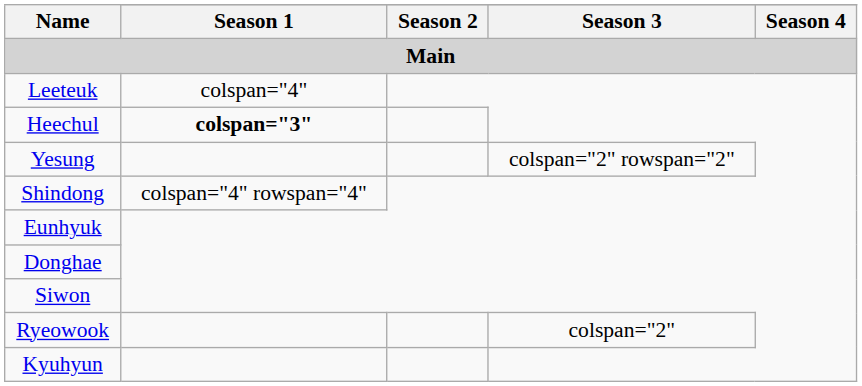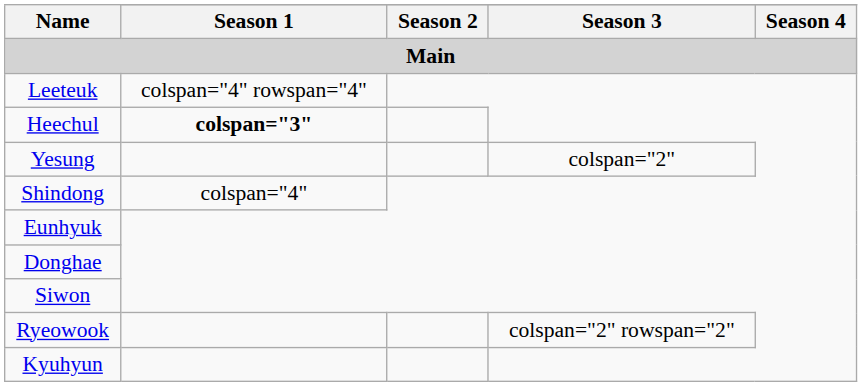 <table class="wikitable" style="text-align:center; width:50%">
 <tr>
 <th scope="col" rowspan="2">Name</th>
 </tr>
 <tr>
 <th scope="col">Season 1</th>
 <th scope="col">Season 2</th>
 <th scope="col">Season 3</th>
 <th scope="col">Season 4</th>
 </tr>
 <tr>
 <th scope="col" colspan="5" style="background:lightgray">Main</th>
 </tr>
 <tr>
 <td><a href='#'>Leeteuk</a></td>
-<td>colspan="4" </td>
+<td>colspan="4" rowspan="4" </td>
 </tr>
 <tr>
 <td><a href='#'>Heechul</a></td>
 <td><strong>colspan="3" </strong></td>
 <td></td>
 </tr>
 <tr>
 <td><a href='#'>Yesung</a></td>
 <td></td>
 <td></td>
-<td>colspan="2" rowspan="2" </td>
+<td>colspan="2" </td>
 </tr>
 <tr>
 <td><a href='#'>Shindong</a></td>
-<td>colspan="4" rowspan="4" </td>
+<td>colspan="4" </td>
 </tr>
 <tr>
 <td><a href='#'>Eunhyuk</a></td>
 </tr>
 <tr>
 <td><a href='#'>Donghae</a></td>
 </tr>
 <tr>
 <td><a href='#'>Siwon</a></td>
 </tr>
 <tr>
 <td><a href='#'>Ryeowook</a></td>
 <td></td>
 <td></td>
-<td>colspan="2" </td>
+<td>colspan="2" rowspan="2" </td>
 </tr>
 <tr>
 <td><a href='#'>Kyuhyun</a></td>
 <td></td>
 <td></td>
 </tr>
 </table>
